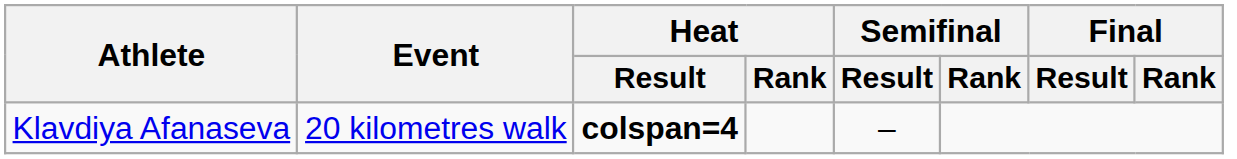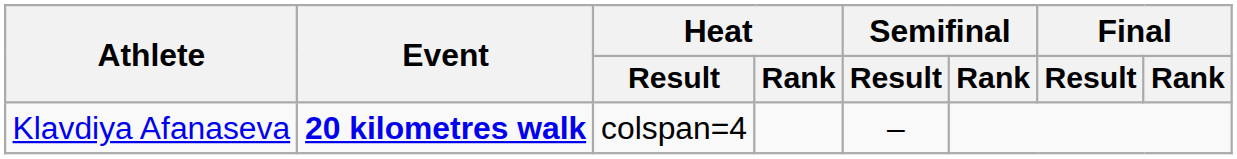 <table class="wikitable" style="font-size:90%">
 <tr>
 <th rowspan="2">Athlete</th>
 <th rowspan="2">Event</th>
 <th colspan="2">Heat</th>
 <th colspan="2">Semifinal</th>
 <th colspan="2">Final</th>
 </tr>
 <tr style="font-size:95%">
 <th>Result</th>
 <th>Rank</th>
 <th>Result</th>
 <th>Rank</th>
 <th>Result</th>
 <th>Rank</th>
 </tr>
 <tr style=text-align:center>
 <td style=text-align:left><a href='#'>Klavdiya Afanaseva</a></td>
-<td style=text-align:left><a href='#'>20 kilometres walk</a></td>
-<td><strong>colspan=4 </strong></td>
+<td style=text-align:left><strong><a href='#'>20 kilometres walk</a></strong></td>
+<td>colspan=4 </td>
 <td></td>
 <td>–</td>
 </tr>
 </table>
